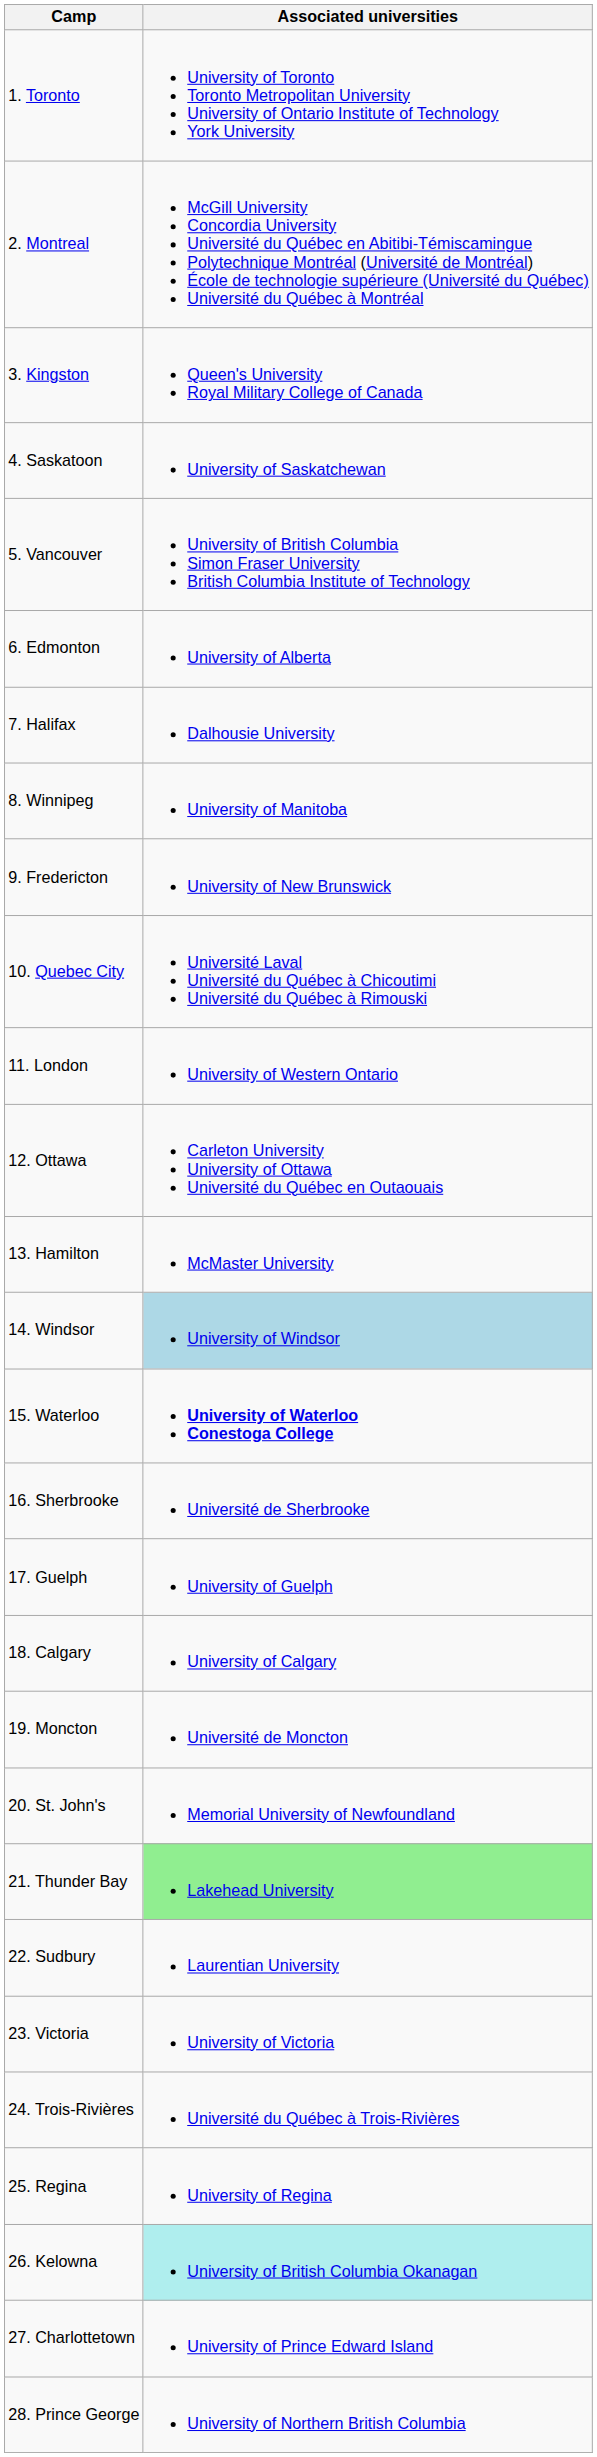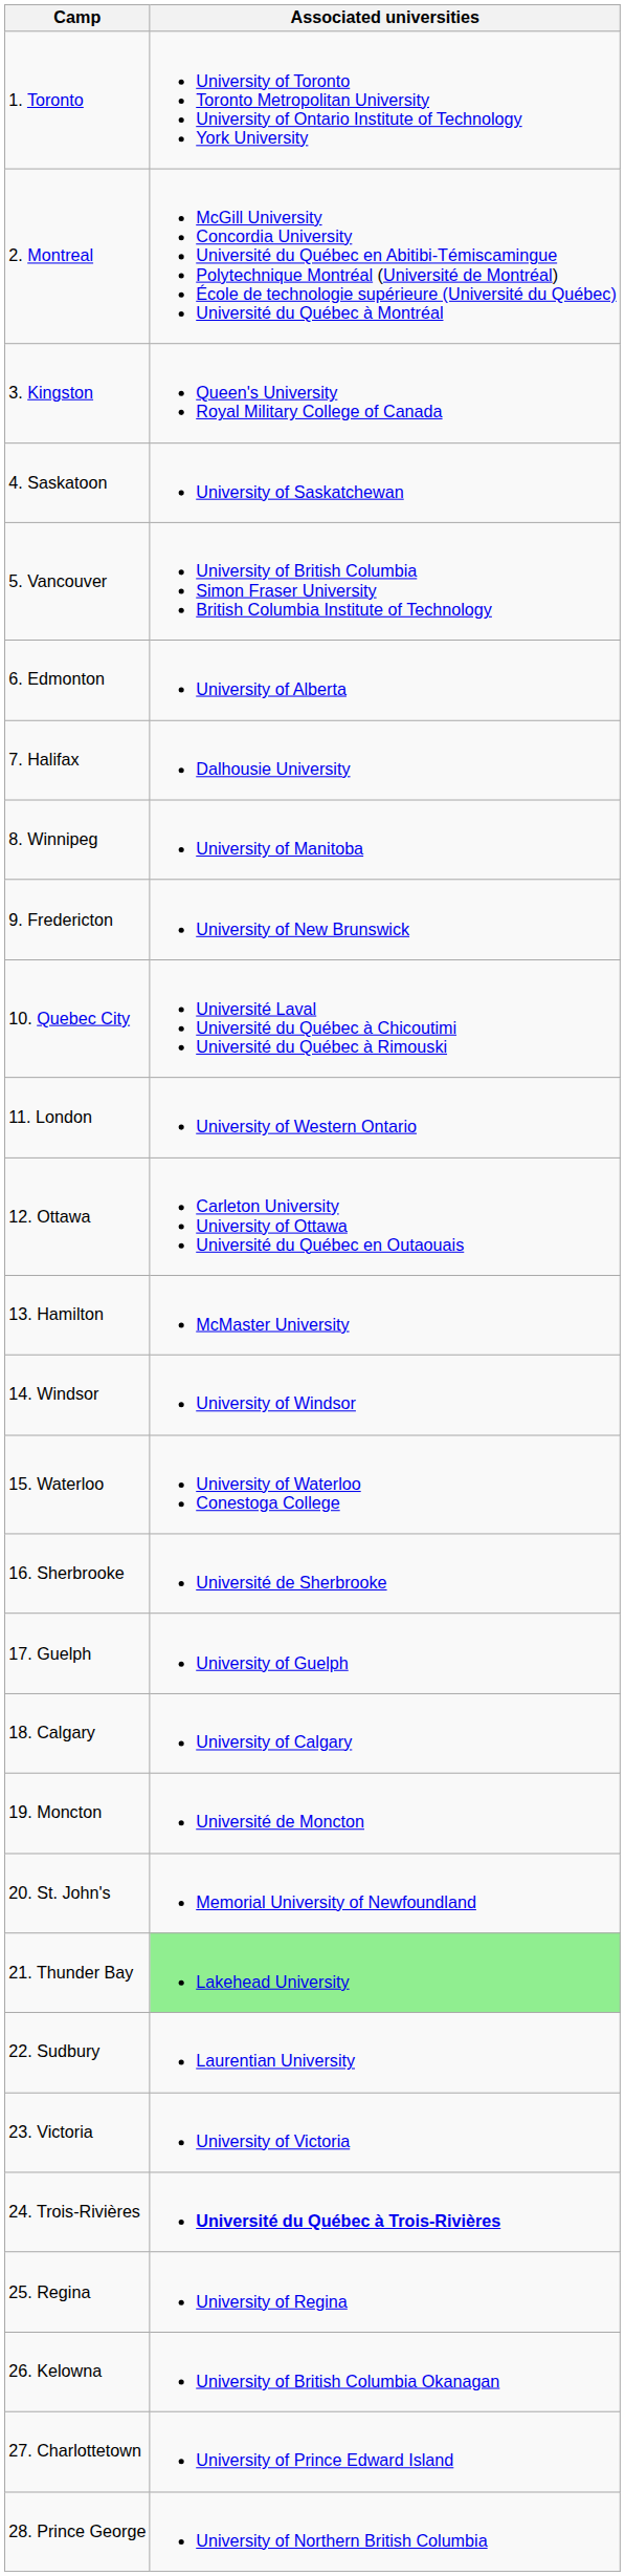 <table class="wikitable">
 <tr>
 <th align=left>Camp</th>
 <th align=left>Associated universities</th>
 </tr>
 <tr>
 <td>1. <a href='#'>Toronto</a></td>
 <td><br><ul><li><a href='#'>University of Toronto</a></li><li><a href='#'>Toronto Metropolitan University</a></li><li><a href='#'>University of Ontario Institute of Technology</a></li><li><a href='#'>York University</a></li></ul></td>
 </tr>
 <tr>
 <td>2. <a href='#'>Montreal</a></td>
 <td><br><ul><li><a href='#'>McGill University</a></li><li><a href='#'>Concordia University</a></li><li><a href='#'>Université du Québec en Abitibi-Témiscamingue</a></li><li><a href='#'>Polytechnique Montréal</a> (<a href='#'>Université de Montréal</a>)</li><li><a href='#'>École de technologie supérieure (Université du Québec)</a></li><li><a href='#'>Université du Québec à Montréal</a></li></ul></td>
 </tr>
 <tr>
 <td>3. <a href='#'>Kingston</a></td>
 <td><br><ul><li><a href='#'>Queen's University</a></li><li><a href='#'>Royal Military College of Canada</a></li></ul></td>
 </tr>
 <tr>
 <td>4. Saskatoon</td>
 <td><br><ul><li><a href='#'>University of Saskatchewan</a></li></ul></td>
 </tr>
 <tr>
 <td>5. Vancouver</td>
 <td><br><ul><li><a href='#'>University of British Columbia</a></li><li><a href='#'>Simon Fraser University</a></li><li><a href='#'>British Columbia Institute of Technology</a></li></ul></td>
 </tr>
 <tr>
 <td>6. Edmonton</td>
 <td><br><ul><li><a href='#'>University of Alberta</a></li></ul></td>
 </tr>
 <tr>
 <td>7. Halifax</td>
 <td><br><ul><li><a href='#'>Dalhousie University</a></li></ul></td>
 </tr>
 <tr>
 <td>8. Winnipeg</td>
 <td><br><ul><li><a href='#'>University of Manitoba</a></li></ul></td>
 </tr>
 <tr>
 <td>9. Fredericton</td>
 <td><br><ul><li><a href='#'>University of New Brunswick</a></li></ul></td>
 </tr>
 <tr>
 <td>10. <a href='#'>Quebec City</a></td>
 <td><br><ul><li><a href='#'>Université Laval</a></li><li><a href='#'>Université du Québec à Chicoutimi</a></li><li><a href='#'>Université du Québec à Rimouski</a></li></ul></td>
 </tr>
 <tr>
 <td>11. London</td>
 <td><br><ul><li><a href='#'>University of Western Ontario</a></li></ul></td>
 </tr>
 <tr>
 <td>12. Ottawa</td>
 <td><br><ul><li><a href='#'>Carleton University</a></li><li><a href='#'>University of Ottawa</a></li><li><a href='#'>Université du Québec en Outaouais</a></li></ul></td>
 </tr>
 <tr>
 <td>13. Hamilton</td>
 <td><br><ul><li><a href='#'>McMaster University</a></li></ul></td>
 </tr>
 <tr>
 <td>14. Windsor</td>
-<td style="background: lightblue;"><br><ul><li><a href='#'>University of Windsor</a></li></ul></td>
+<td><br><ul><li><a href='#'>University of Windsor</a></li></ul></td>
 </tr>
 <tr>
 <td>15. Waterloo</td>
-<td><strong><br><ul><li><a href='#'>University of Waterloo</a></li><li><a href='#'>Conestoga College</a></li></ul></strong></td>
+<td><br><ul><li><a href='#'>University of Waterloo</a></li><li><a href='#'>Conestoga College</a></li></ul></td>
 </tr>
 <tr>
 <td>16. Sherbrooke</td>
 <td><br><ul><li><a href='#'>Université de Sherbrooke</a></li></ul></td>
 </tr>
 <tr>
 <td>17. Guelph</td>
 <td><br><ul><li><a href='#'>University of Guelph</a></li></ul></td>
 </tr>
 <tr>
 <td>18. Calgary</td>
 <td><br><ul><li><a href='#'>University of Calgary</a></li></ul></td>
 </tr>
 <tr>
 <td>19. Moncton</td>
 <td><br><ul><li><a href='#'>Université de Moncton</a></li></ul></td>
 </tr>
 <tr>
 <td>20. St. John's</td>
 <td><br><ul><li><a href='#'>Memorial University of Newfoundland</a></li></ul></td>
 </tr>
 <tr>
 <td>21. Thunder Bay</td>
 <td style="background: lightgreen;"><br><ul><li><a href='#'>Lakehead University</a></li></ul></td>
 </tr>
 <tr>
 <td>22. Sudbury</td>
 <td><br><ul><li><a href='#'>Laurentian University</a></li></ul></td>
 </tr>
 <tr>
 <td>23. Victoria</td>
 <td><br><ul><li><a href='#'>University of Victoria</a></li></ul></td>
 </tr>
 <tr>
 <td>24. Trois-Rivières</td>
-<td><br><ul><li><a href='#'>Université du Québec à Trois-Rivières</a></li></ul></td>
+<td><strong><br><ul><li><a href='#'>Université du Québec à Trois-Rivières</a></li></ul></strong></td>
 </tr>
 <tr>
 <td>25. Regina</td>
 <td><br><ul><li><a href='#'>University of Regina</a></li></ul></td>
 </tr>
 <tr>
 <td>26. Kelowna</td>
-<td style="background: paleturquoise;"><br><ul><li><a href='#'>University of British Columbia Okanagan</a></li></ul></td>
+<td><br><ul><li><a href='#'>University of British Columbia Okanagan</a></li></ul></td>
 </tr>
 <tr>
 <td>27. Charlottetown</td>
 <td><br><ul><li><a href='#'>University of Prince Edward Island</a></li></ul></td>
 </tr>
 <tr>
 <td>28. Prince George</td>
 <td><br><ul><li><a href='#'>University of Northern British Columbia</a></li></ul></td>
 </tr>
 <tr>
 </tr>
 </table>
